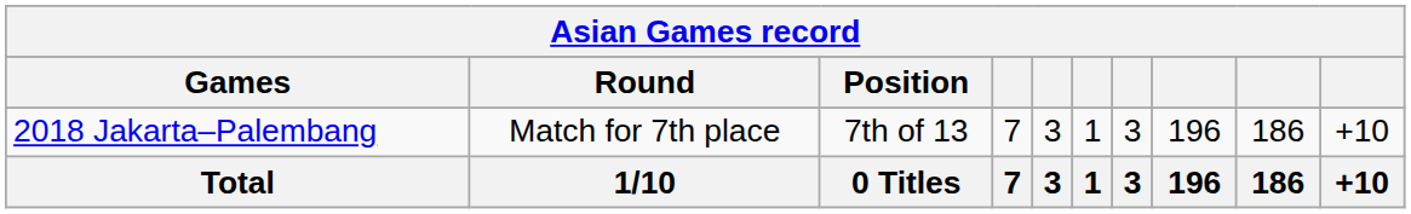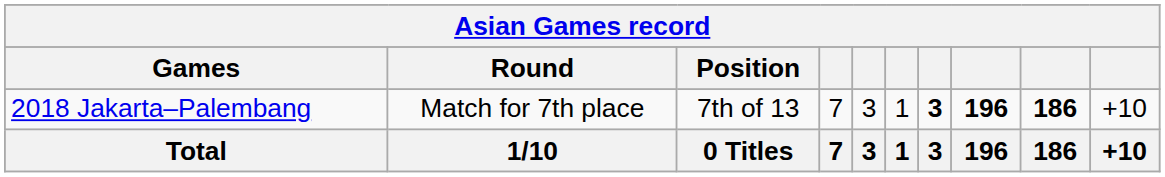 <table class="wikitable" width=50% style="text-align: center;font-size:90%;">
 <tr>
 <th colspan=10><a href='#'>Asian Games record</a></th>
 </tr>
 <tr>
 <th>Games</th>
 <th>Round</th>
 <th>Position</th>
 <th></th>
 <th></th>
 <th></th>
 <th></th>
 <th></th>
 <th></th>
 <th></th>
 </tr>
 <tr>
 <td style="text-align: left;"> <a href='#'>2018 Jakarta–Palembang</a></td>
 <td>Match for 7th place</td>
 <td>7th of 13</td>
 <td>7</td>
 <td>3</td>
 <td>1</td>
-<td>3</td>
-<td>196</td>
-<td>186</td>
+<td><strong>3</strong></td>
+<td><strong>196</strong></td>
+<td><strong>186</strong></td>
 <td>+10</td>
 </tr>
 <tr>
 <th>Total</th>
 <th>1/10</th>
 <th>0 Titles</th>
 <th>7</th>
 <th>3</th>
 <th>1</th>
 <th>3</th>
 <th>196</th>
 <th>186</th>
 <th>+10</th>
 </tr>
 </table>
